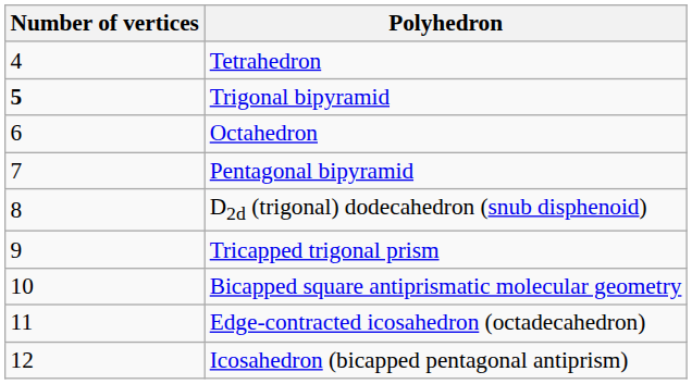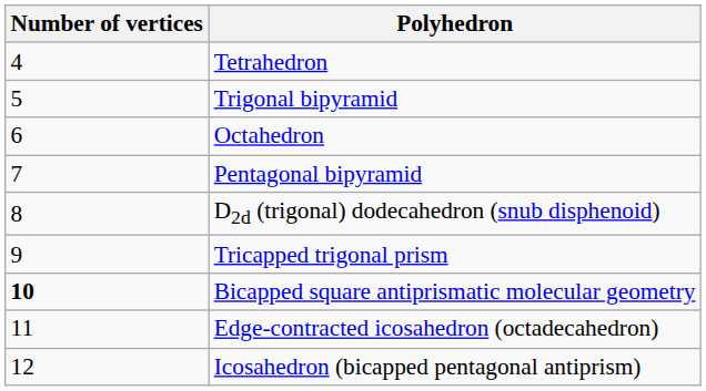 <table class="wikitable">
 <tr>
 <th>Number of vertices</th>
 <th>Polyhedron</th>
 </tr>
 <tr>
 <td>4</td>
 <td><a href='#'>Tetrahedron</a></td>
 </tr>
 <tr>
-<td><strong>5</strong></td>
+<td>5</td>
 <td><a href='#'>Trigonal bipyramid</a></td>
 </tr>
 <tr>
 <td>6</td>
 <td><a href='#'>Octahedron</a></td>
 </tr>
 <tr>
 <td>7</td>
 <td><a href='#'>Pentagonal bipyramid</a></td>
 </tr>
 <tr>
 <td>8</td>
 <td>D<sub>2d</sub> (trigonal) dodecahedron (<a href='#'>snub disphenoid</a>)</td>
 </tr>
 <tr>
 <td>9</td>
 <td><a href='#'>Tricapped trigonal prism</a></td>
 </tr>
 <tr>
-<td>10</td>
+<td><strong>10</strong></td>
 <td><a href='#'>Bicapped square antiprismatic molecular geometry</a></td>
 </tr>
 <tr>
 <td>11</td>
 <td><a href='#'>Edge-contracted icosahedron</a> (octadecahedron)</td>
 </tr>
 <tr>
 <td>12</td>
 <td><a href='#'>Icosahedron</a> (bicapped pentagonal antiprism)</td>
 </tr>
 </table>
